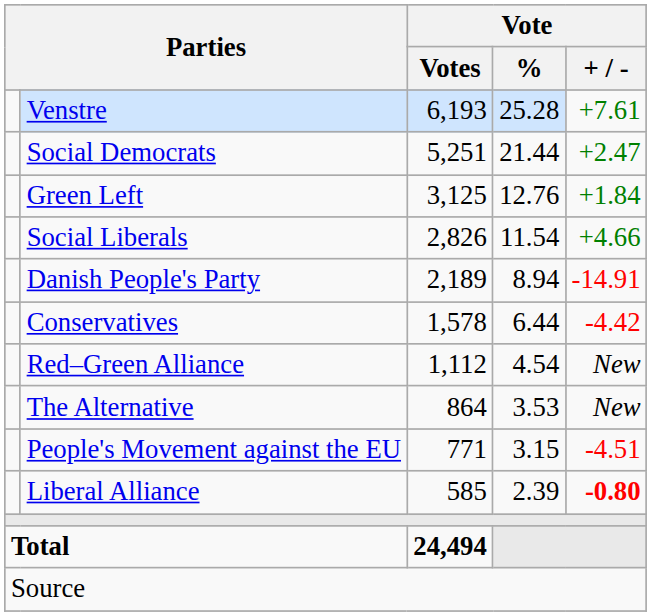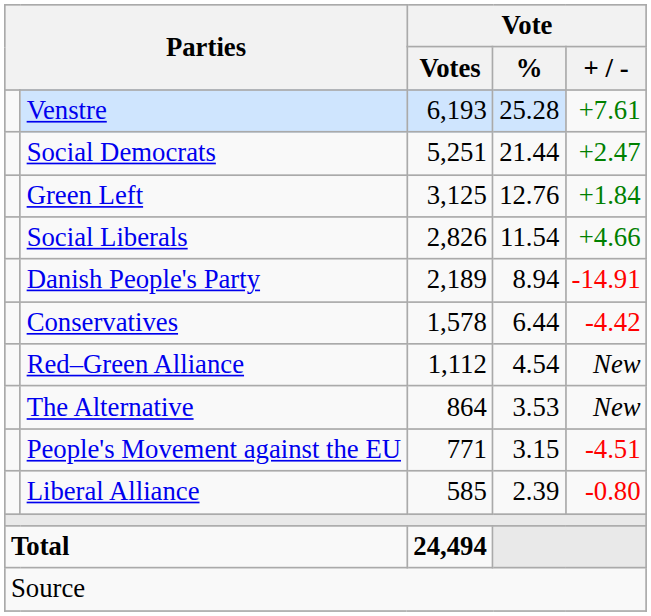 <table class="wikitable" style="text-align:right;">
 <tr>
 <th style="text-align:centre;" rowspan="2" colspan="2" width="225">Parties</th>
 <th colspan="3">Vote</th>
 </tr>
 <tr>
 <th width="15">Votes</th>
 <th width="15">%</th>
 <th width="15">+ / -</th>
 </tr>
 <tr>
 <td width="2" style="color:inherit;background:"></td>
 <td bgcolor=#cfe5fe   align="left"><a href='#'>Venstre</a></td>
 <td bgcolor=#cfe5fe>6,193</td>
 <td bgcolor=#cfe5fe>25.28</td>
 <td style=color:green;>+7.61</td>
 </tr>
 <tr>
 <td width="2" style="color:inherit;background:"></td>
 <td align="left"><a href='#'>Social Democrats</a></td>
 <td>5,251</td>
 <td>21.44</td>
 <td style=color:green;>+2.47</td>
 </tr>
 <tr>
 <td width="2" style="color:inherit;background:"></td>
 <td align="left"><a href='#'>Green Left</a></td>
 <td>3,125</td>
 <td>12.76</td>
 <td style=color:green;>+1.84</td>
 </tr>
 <tr>
 <td width="2" style="color:inherit;background:"></td>
 <td align="left"><a href='#'>Social Liberals</a></td>
 <td>2,826</td>
 <td>11.54</td>
 <td style=color:green;>+4.66</td>
 </tr>
 <tr>
 <td width="2" style="color:inherit;background:"></td>
 <td align="left"><a href='#'>Danish People's Party</a></td>
 <td>2,189</td>
 <td>8.94</td>
 <td style=color:red;>-14.91</td>
 </tr>
 <tr>
 <td width="2" style="color:inherit;background:"></td>
 <td align="left"><a href='#'>Conservatives</a></td>
 <td>1,578</td>
 <td>6.44</td>
 <td style=color:red;>-4.42</td>
 </tr>
 <tr>
 <td width="2" style="color:inherit;background:"></td>
 <td align="left"><a href='#'>Red–Green Alliance</a></td>
 <td>1,112</td>
 <td>4.54</td>
 <td><em>New</em></td>
 </tr>
 <tr>
 <td width="2" style="color:inherit;background:"></td>
 <td align="left"><a href='#'>The Alternative</a></td>
 <td>864</td>
 <td>3.53</td>
 <td><em>New</em></td>
 </tr>
 <tr>
 <td width="2" style="color:inherit;background:"></td>
 <td align="left"><a href='#'>People's Movement against the EU</a></td>
 <td>771</td>
 <td>3.15</td>
 <td style=color:red;>-4.51</td>
 </tr>
 <tr>
 <td width="2" style="color:inherit;background:"></td>
 <td align="left"><a href='#'>Liberal Alliance</a></td>
 <td>585</td>
 <td>2.39</td>
-<td style=color:red;><strong>-0.80</strong></td>
+<td style=color:red;>-0.80</td>
 </tr>
 <tr>
 <td colspan="7" bgcolor="#E9E9E9"></td>
 </tr>
 <tr>
 <td align="left" colspan="2"><strong>Total</strong></td>
 <td><strong>24,494</strong></td>
 <td bgcolor="#E9E9E9" colspan="2"></td>
 </tr>
 <tr>
 <td align="left" colspan="6">Source</td>
 </tr>
 </table>
